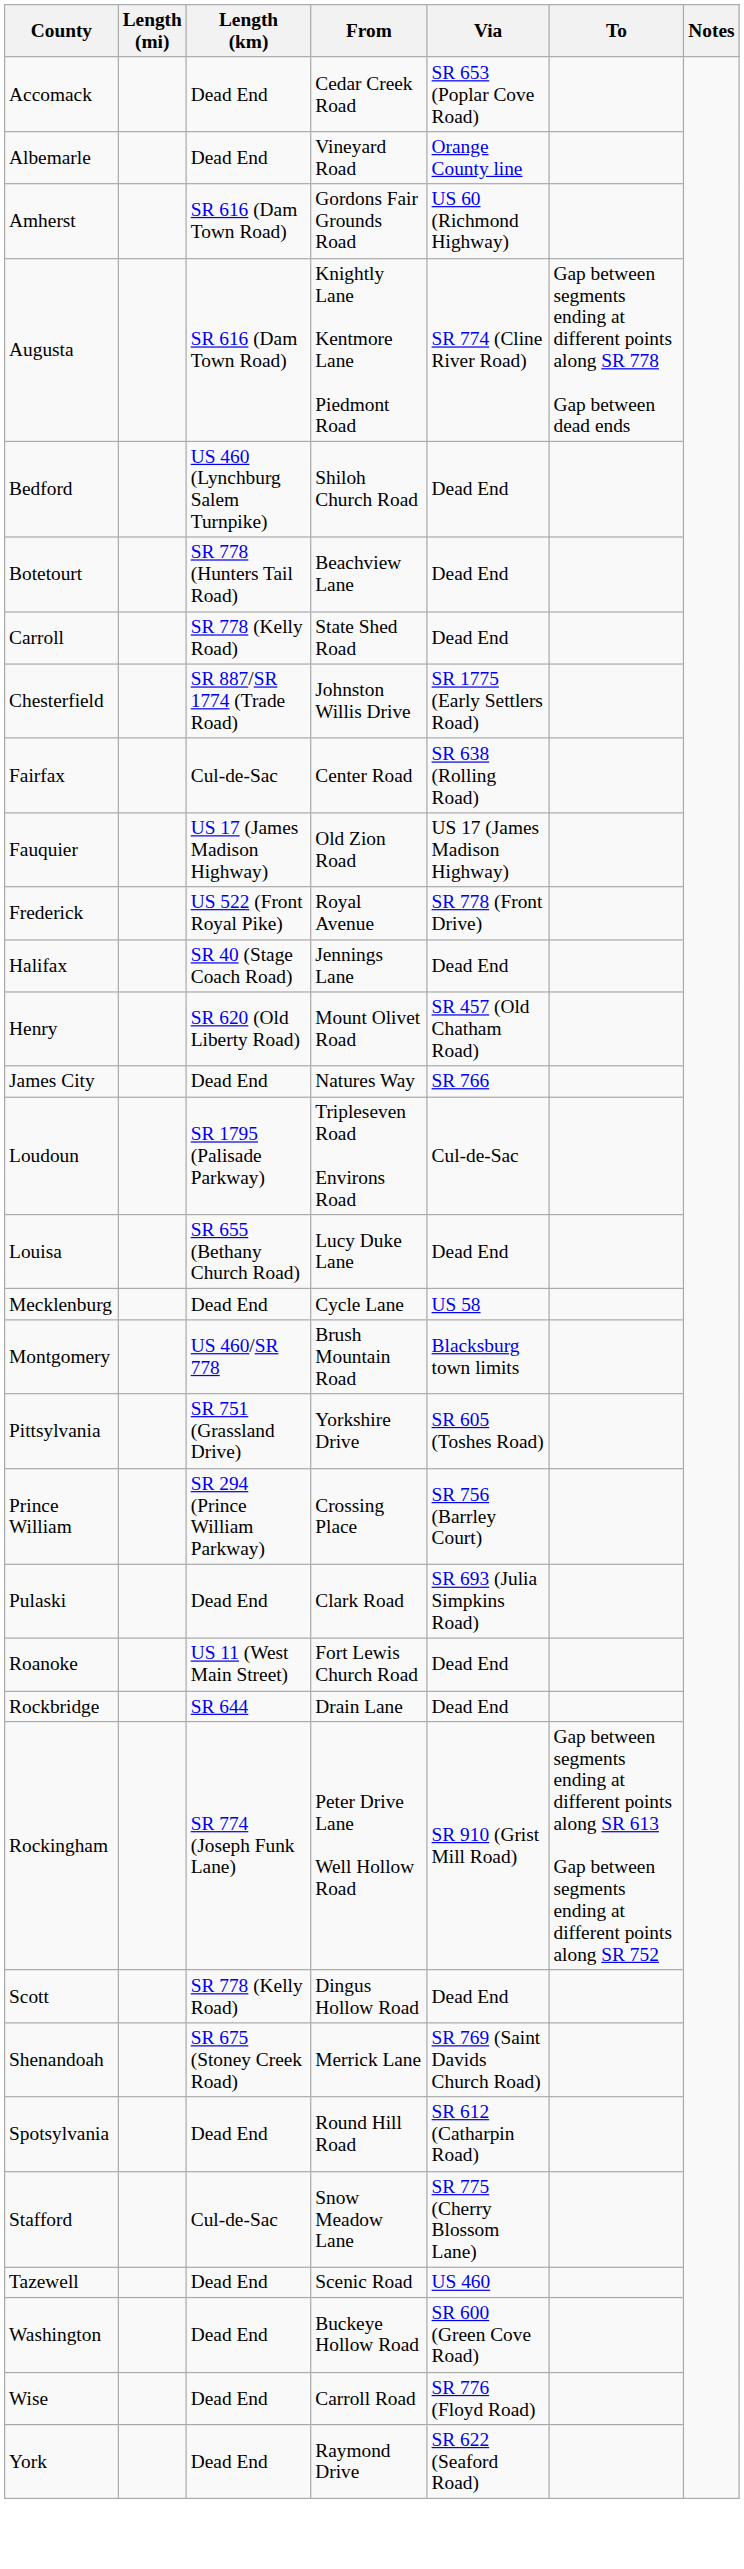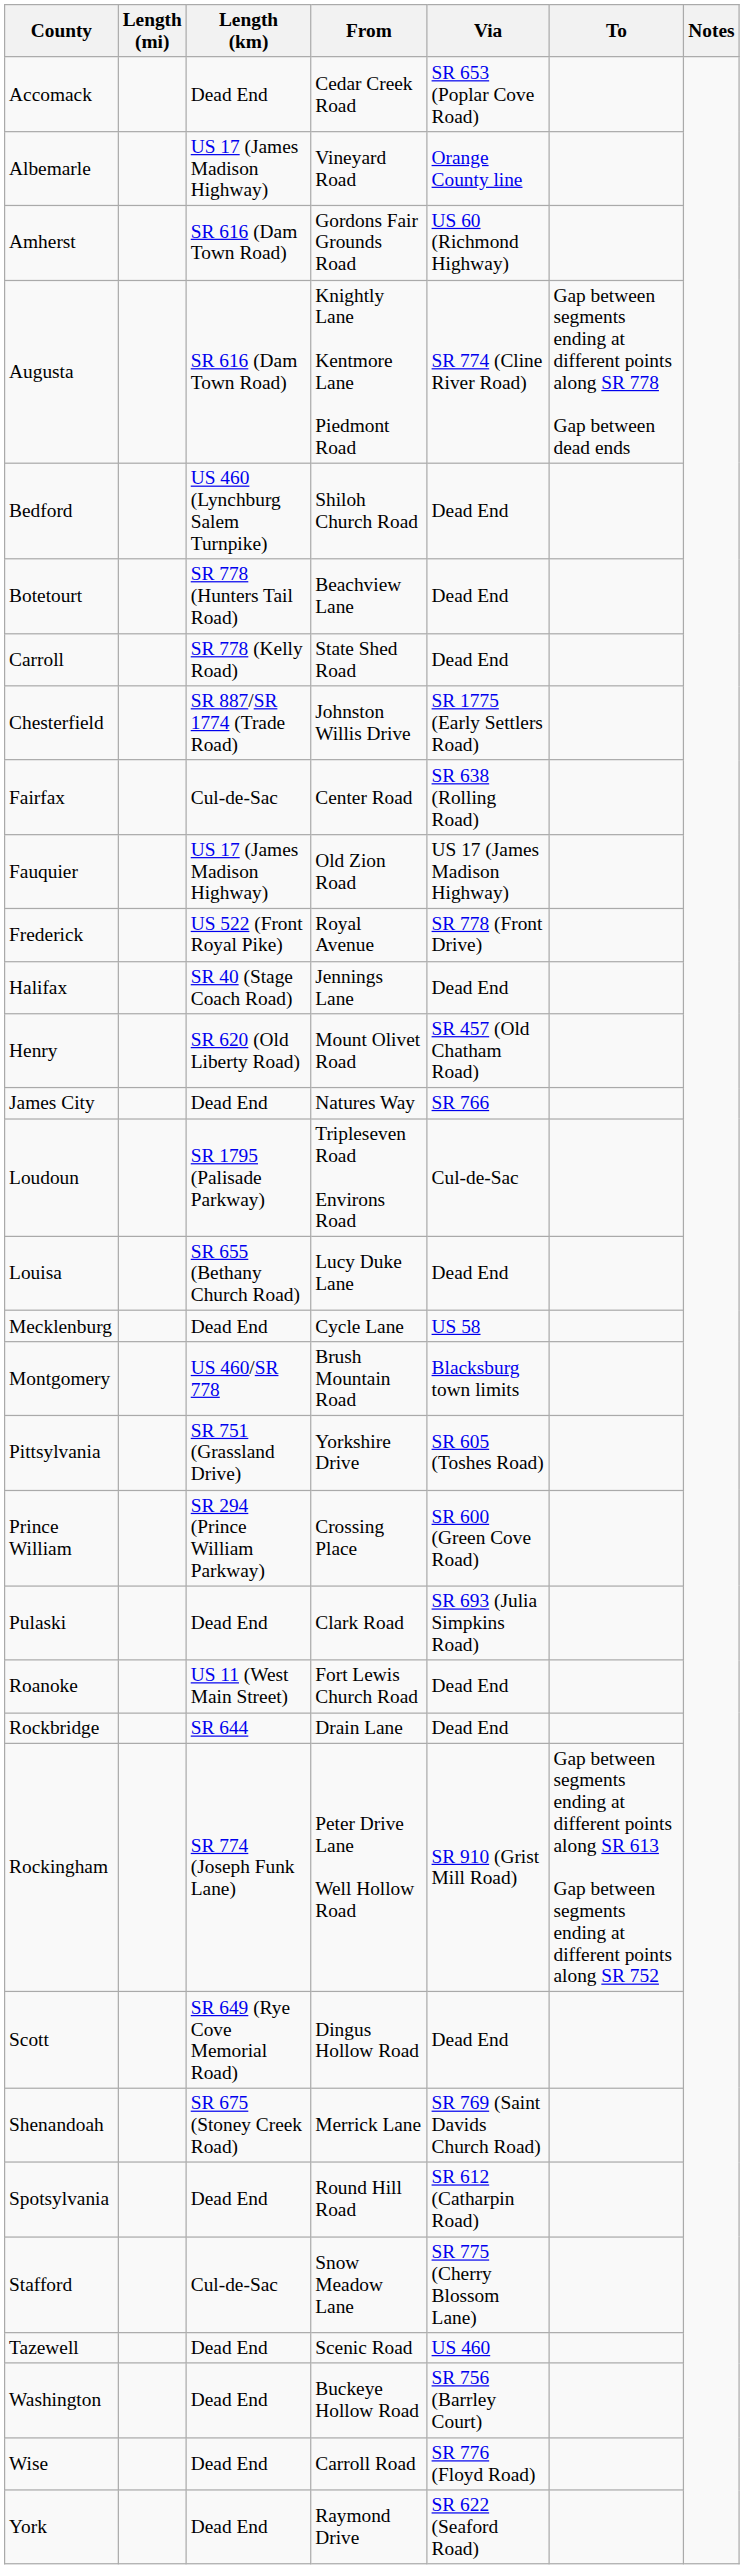 <table class="wikitable sortable">
 <tr>
 <th>County</th>
 <th>Length<br>(mi)</th>
 <th>Length<br>(km)</th>
 <th class="unsortable">From</th>
 <th class="unsortable">Via</th>
 <th class="unsortable">To</th>
 <th class="unsortable">Notes</th>
 </tr>
 <tr>
 <td id="Accomack">Accomack</td>
 <td></td>
 <td>Dead End</td>
 <td>Cedar Creek Road</td>
 <td><a href='#'>SR 653</a> (Poplar Cove Road)</td>
 <td></td>
 </tr>
 <tr>
 <td id="Albemarle">Albemarle</td>
 <td></td>
-<td>Dead End</td>
+<td><a href='#'>US 17</a> (James Madison Highway)</td>
 <td>Vineyard Road</td>
 <td><a href='#'>Orange County line</a></td>
 <td><br> </td>
 </tr>
 <tr>
 <td id="Amherst">Amherst</td>
 <td></td>
 <td><a href='#'>SR 616</a> (Dam Town Road)</td>
 <td>Gordons Fair Grounds Road</td>
 <td><a href='#'>US 60</a> (Richmond Highway)</td>
 <td><br> </td>
 </tr>
 <tr>
 <td id="Augusta">Augusta</td>
 <td></td>
 <td><a href='#'>SR 616</a> (Dam Town Road)</td>
 <td>Knightly Lane<br><br>Kentmore Lane<br><br>Piedmont Road</td>
 <td><a href='#'>SR 774</a> (Cline River Road)</td>
 <td>Gap between segments ending at different points along <a href='#'>SR 778</a><br><br>Gap between dead ends<br></td>
 </tr>
 <tr>
 <td id="Bedford">Bedford</td>
 <td></td>
 <td><a href='#'>US 460</a> (Lynchburg Salem Turnpike)</td>
 <td>Shiloh Church Road</td>
 <td>Dead End</td>
 <td><br></td>
 </tr>
 <tr>
 <td id="Botetourt">Botetourt</td>
 <td></td>
 <td><a href='#'>SR 778</a> (Hunters Tail Road)</td>
 <td>Beachview Lane</td>
 <td>Dead End</td>
 <td><br>    </td>
 </tr>
 <tr>
 <td id="Carroll">Carroll</td>
 <td></td>
 <td><a href='#'>SR 778</a> (Kelly Road)</td>
 <td>State Shed Road</td>
 <td>Dead End</td>
 <td><br> </td>
 </tr>
 <tr>
 <td id="Chesterfield">Chesterfield</td>
 <td></td>
 <td><a href='#'>SR 887</a>/<a href='#'>SR 1774</a> (Trade Road)</td>
 <td>Johnston Willis Drive</td>
 <td><a href='#'>SR 1775</a> (Early Settlers Road)</td>
 <td><br>      </td>
 </tr>
 <tr>
 <td id="Fairfax">Fairfax</td>
 <td></td>
 <td>Cul-de-Sac</td>
 <td>Center Road</td>
 <td><a href='#'>SR 638</a> (Rolling Road)</td>
 <td></td>
 </tr>
 <tr>
 <td id="Fauquier">Fauquier</td>
 <td></td>
 <td><a href='#'>US 17</a> (James Madison Highway)</td>
 <td>Old Zion Road</td>
 <td>US 17 (James Madison Highway)</td>
 <td><br>  </td>
 </tr>
 <tr>
 <td id="Frederick">Frederick</td>
 <td></td>
 <td><a href='#'>US 522</a> (Front Royal Pike)</td>
 <td>Royal Avenue</td>
 <td><a href='#'>SR 778</a> (Front Drive)</td>
 <td><br>     </td>
 </tr>
 <tr>
 <td id="Halifax">Halifax</td>
 <td></td>
 <td><a href='#'>SR 40</a> (Stage Coach Road)</td>
 <td>Jennings Lane</td>
 <td>Dead End</td>
 <td><br> </td>
 </tr>
 <tr>
 <td id="Henry">Henry</td>
 <td></td>
 <td><a href='#'>SR 620</a> (Old Liberty Road)</td>
 <td>Mount Olivet Road</td>
 <td><a href='#'>SR 457</a> (Old Chatham Road)</td>
 <td><br> </td>
 </tr>
 <tr>
 <td id="James City">James City</td>
 <td></td>
 <td>Dead End</td>
 <td>Natures Way</td>
 <td><a href='#'>SR 766</a></td>
 <td><br>    </td>
 </tr>
 <tr>
 <td id="Loudoun">Loudoun</td>
 <td></td>
 <td><a href='#'>SR 1795</a> (Palisade Parkway)</td>
 <td>Tripleseven Road<br><br>Environs Road</td>
 <td>Cul-de-Sac</td>
 <td></td>
 </tr>
 <tr>
 <td id="Louisa">Louisa</td>
 <td></td>
 <td><a href='#'>SR 655</a> (Bethany Church Road)</td>
 <td>Lucy Duke Lane</td>
 <td>Dead End</td>
 <td><br>  </td>
 </tr>
 <tr>
 <td id="Mecklenburg">Mecklenburg</td>
 <td></td>
 <td>Dead End</td>
 <td>Cycle Lane</td>
 <td><a href='#'>US 58</a></td>
 <td><br></td>
 </tr>
 <tr>
 <td id="Montgomery">Montgomery</td>
 <td></td>
 <td><a href='#'>US 460</a>/<a href='#'>SR 778</a></td>
 <td>Brush Mountain Road</td>
 <td><a href='#'>Blacksburg</a> town limits</td>
 <td><br>       </td>
 </tr>
 <tr>
 <td id="Pittsylvania">Pittsylvania</td>
 <td></td>
 <td><a href='#'>SR 751</a> (Grassland Drive)</td>
 <td>Yorkshire Drive</td>
 <td><a href='#'>SR 605</a> (Toshes Road)</td>
 <td><br>  </td>
 </tr>
 <tr>
 <td id="Prince William">Prince William</td>
 <td></td>
 <td><a href='#'>SR 294</a> (Prince William Parkway)</td>
 <td>Crossing Place</td>
-<td><a href='#'>SR 756</a> (Barrley Court)</td>
+<td><a href='#'>SR 600</a> (Green Cove Road)</td>
 <td></td>
 </tr>
 <tr>
 <td id="Pulaski">Pulaski</td>
 <td></td>
 <td>Dead End</td>
 <td>Clark Road</td>
 <td><a href='#'>SR 693</a> (Julia Simpkins Road)</td>
 <td><br> </td>
 </tr>
 <tr>
 <td id="Roanoke">Roanoke</td>
 <td></td>
 <td><a href='#'>US 11</a> (West Main Street)</td>
 <td>Fort Lewis Church Road</td>
 <td>Dead End</td>
 <td></td>
 </tr>
 <tr>
 <td id="Rockbridge">Rockbridge</td>
 <td></td>
 <td><a href='#'>SR 644</a></td>
 <td>Drain Lane</td>
 <td>Dead End</td>
 <td></td>
 </tr>
 <tr>
 <td id="Rockingham">Rockingham</td>
 <td></td>
 <td><a href='#'>SR 774</a> (Joseph Funk Lane)</td>
 <td>Peter Drive Lane<br><br>Well Hollow Road</td>
 <td><a href='#'>SR 910</a> (Grist Mill Road)</td>
 <td>Gap between segments ending at different points along <a href='#'>SR 613</a><br><br>Gap between segments ending at different points along <a href='#'>SR 752</a><br></td>
 </tr>
 <tr>
 <td id="Scott">Scott</td>
 <td></td>
-<td><a href='#'>SR 778</a> (Kelly Road)</td>
+<td><a href='#'>SR 649</a> (Rye Cove Memorial Road)</td>
 <td>Dingus Hollow Road</td>
 <td>Dead End</td>
 <td></td>
 </tr>
 <tr>
 <td id="Shenandoah">Shenandoah</td>
 <td></td>
 <td><a href='#'>SR 675</a> (Stoney Creek Road)</td>
 <td>Merrick Lane</td>
 <td><a href='#'>SR 769</a> (Saint Davids Church Road)</td>
 <td><br> </td>
 </tr>
 <tr>
 <td id="Spotsylvania">Spotsylvania</td>
 <td></td>
 <td>Dead End</td>
 <td>Round Hill Road</td>
 <td><a href='#'>SR 612</a> (Catharpin Road)</td>
 <td></td>
 </tr>
 <tr>
 <td id="Stafford">Stafford</td>
 <td></td>
 <td>Cul-de-Sac</td>
 <td>Snow Meadow Lane</td>
 <td><a href='#'>SR 775</a> (Cherry Blossom Lane)</td>
 <td><br> </td>
 </tr>
 <tr>
 <td id="Tazewell">Tazewell</td>
 <td></td>
 <td>Dead End</td>
 <td>Scenic Road</td>
 <td><a href='#'>US 460</a></td>
 <td><br></td>
 </tr>
 <tr>
 <td id="Washington">Washington</td>
 <td></td>
 <td>Dead End</td>
 <td>Buckeye Hollow Road</td>
-<td><a href='#'>SR 600</a> (Green Cove Road)</td>
+<td><a href='#'>SR 756</a> (Barrley Court)</td>
 <td><br></td>
 </tr>
 <tr>
 <td id="Wise">Wise</td>
 <td></td>
 <td>Dead End</td>
 <td>Carroll Road</td>
 <td><a href='#'>SR 776</a> (Floyd Road)</td>
 <td><br></td>
 </tr>
 <tr>
 <td id="York">York</td>
 <td></td>
 <td>Dead End</td>
 <td>Raymond Drive</td>
 <td><a href='#'>SR 622</a> (Seaford Road)</td>
 <td></td>
 </tr>
 </table>
